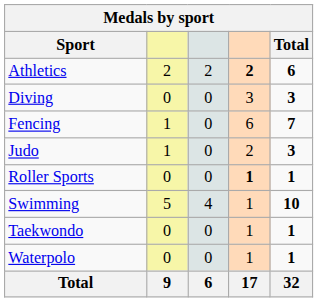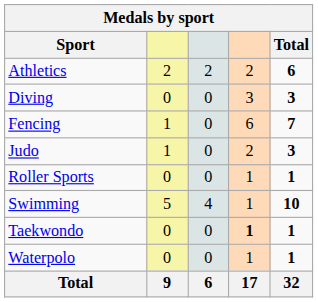 <table class="wikitable" style="font-size:90%; text-align:center;">
 <tr>
 <th colspan=5>Medals by sport</th>
 </tr>
 <tr>
 <th width=120>Sport</th>
 <th scope="col" width=30 style="background:#F7F6A8;"></th>
 <th scope="col" width=30 style="background:#DCE5E5;"></th>
 <th scope="col" width=30 style="background:#FFDAB9;"></th>
 <th width=30>Total</th>
 </tr>
 <tr>
 <td align=left><a href='#'>Athletics</a></td>
 <td style="background:#F7F6A8;">2</td>
 <td style="background:#DCE5E5;">2</td>
-<td style="background:#FFDAB9;"><strong>2</strong></td>
+<td style="background:#FFDAB9;">2</td>
 <td><strong>6</strong></td>
 </tr>
 <tr>
 <td align=left><a href='#'>Diving</a></td>
 <td style="background:#F7F6A8;">0</td>
 <td style="background:#DCE5E5;">0</td>
 <td style="background:#FFDAB9;">3</td>
 <td><strong>3</strong></td>
 </tr>
 <tr>
 <td align=left><a href='#'>Fencing</a></td>
 <td style="background:#F7F6A8;">1</td>
 <td style="background:#DCE5E5;">0</td>
 <td style="background:#FFDAB9;">6</td>
 <td><strong>7</strong></td>
 </tr>
 <tr>
 <td align=left><a href='#'>Judo</a></td>
 <td style="background:#F7F6A8;">1</td>
 <td style="background:#DCE5E5;">0</td>
 <td style="background:#FFDAB9;">2</td>
 <td><strong>3</strong></td>
 </tr>
 <tr>
 <td align=left><a href='#'>Roller Sports</a></td>
 <td style="background:#F7F6A8;">0</td>
 <td style="background:#DCE5E5;">0</td>
-<td style="background:#FFDAB9;"><strong>1</strong></td>
+<td style="background:#FFDAB9;">1</td>
 <td><strong>1</strong></td>
 </tr>
 <tr>
 <td align=left><a href='#'>Swimming</a></td>
 <td style="background:#F7F6A8;">5</td>
 <td style="background:#DCE5E5;">4</td>
 <td style="background:#FFDAB9;">1</td>
 <td><strong>10</strong></td>
 </tr>
 <tr>
 <td align=left><a href='#'>Taekwondo</a></td>
 <td style="background:#F7F6A8;">0</td>
 <td style="background:#DCE5E5;">0</td>
-<td style="background:#FFDAB9;">1</td>
+<td style="background:#FFDAB9;"><strong>1</strong></td>
 <td><strong>1</strong></td>
 </tr>
 <tr>
 <td align=left><a href='#'>Waterpolo</a></td>
 <td style="background:#F7F6A8;">0</td>
 <td style="background:#DCE5E5;">0</td>
 <td style="background:#FFDAB9;">1</td>
 <td><strong>1</strong></td>
 </tr>
 <tr class="sortbottom">
 <th>Total</th>
 <th>9</th>
 <th>6</th>
 <th>17</th>
 <th>32</th>
 </tr>
 </table>
